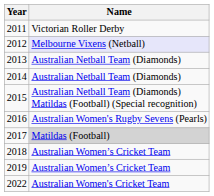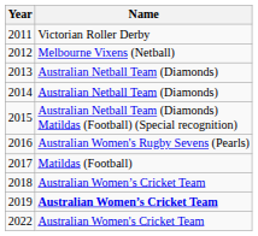 <table class="wikitable sortable">
 <tr>
 <th>Year</th>
 <th>Name</th>
 </tr>
 <tr>
 <td>2011</td>
 <td>Victorian Roller Derby</td>
 </tr>
 <tr>
 <td>2012</td>
-<td style="background: lavender;"><a href='#'>Melbourne Vixens</a> (Netball)</td>
+<td><a href='#'>Melbourne Vixens</a> (Netball)</td>
 </tr>
 <tr>
 <td>2013</td>
 <td><a href='#'>Australian Netball Team</a> (Diamonds)</td>
 </tr>
 <tr>
 <td>2014</td>
 <td><a href='#'>Australian Netball Team</a> (Diamonds)</td>
 </tr>
 <tr>
 <td>2015</td>
 <td><a href='#'>Australian Netball Team</a> (Diamonds) <br> <a href='#'>Matildas</a> (Football) (Special recognition)</td>
 </tr>
 <tr>
 <td>2016</td>
 <td><a href='#'>Australian Women's Rugby Sevens</a> (Pearls)</td>
 </tr>
 <tr>
 <td>2017</td>
-<td style="background: lightgrey;"><a href='#'>Matildas</a> (Football)</td>
+<td><a href='#'>Matildas</a> (Football)</td>
 </tr>
 <tr>
 <td>2018</td>
 <td><a href='#'>Australian Women’s Cricket Team</a></td>
 </tr>
 <tr>
 <td>2019</td>
-<td><a href='#'>Australian Women’s Cricket Team</a></td>
+<td><strong><a href='#'>Australian Women’s Cricket Team</a></strong></td>
 </tr>
 <tr>
 <td>2022</td>
 <td><a href='#'>Australian Women's Cricket Team</a></td>
 </tr>
 </table>
